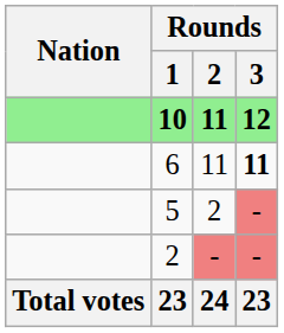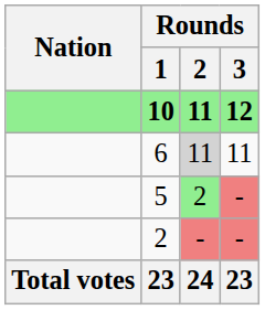 <table class="wikitable" style="text-align:center">
 <tr>
 <th rowspan="2">Nation</th>
 <th colspan="3">Rounds</th>
 </tr>
 <tr>
 <th>1</th>
 <th>2</th>
 <th>3</th>
 </tr>
 <tr style="background:#90ee90">
 <td align=left><strong></strong></td>
 <td><strong>10</strong></td>
 <td><strong>11</strong></td>
 <td><strong>12</strong></td>
 </tr>
 <tr>
 <td align=left></td>
 <td>6</td>
+<td style="background: lightgrey;">11</td>
 <td>11</td>
-<td><strong>11</strong></td>
 </tr>
 <tr>
 <td align=left></td>
 <td>5</td>
-<td>2</td>
+<td style="background: lightgreen;">2</td>
 <td style="background:#f08080"><em>-</em></td>
 </tr>
 <tr>
 <td align=left></td>
 <td>2</td>
 <td style="background:#f08080"><em>-</em></td>
 <td style="background:#f08080"><em>-</em></td>
 </tr>
 <tr>
 <th align=left>Total votes</th>
 <th>23</th>
 <th>24</th>
 <th>23</th>
 </tr>
 </table>
